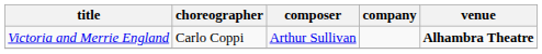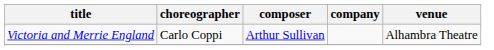 <table class="wikitable">
 <tr>
 <th>title</th>
 <th>choreographer</th>
 <th>composer</th>
 <th>company</th>
 <th>venue</th>
 </tr>
 <tr>
 <td><em><a href='#'>Victoria and Merrie England</a></em></td>
 <td>Carlo Coppi</td>
 <td><a href='#'>Arthur Sullivan</a></td>
 <td></td>
-<td><strong>Alhambra Theatre</strong></td>
+<td>Alhambra Theatre</td>
 </tr>
 <tr>
 </tr>
 </table>
